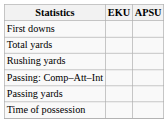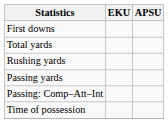 <table class="wikitable" style="float: left;">
 <tr>
 <th>Statistics</th>
 <th>EKU</th>
 <th>APSU</th>
 </tr>
 <tr>
 <td>First downs</td>
 <td></td>
 <td></td>
 </tr>
 <tr>
 <td>Total yards</td>
 <td></td>
 <td></td>
 </tr>
 <tr>
 <td>Rushing yards</td>
 <td></td>
 <td></td>
 </tr>
 <tr>
-<td>Passing: Comp–Att–Int</td>
+<td>Passing yards</td>
 <td></td>
 <td></td>
 </tr>
 <tr>
-<td>Passing yards</td>
+<td>Passing: Comp–Att–Int</td>
 <td></td>
 <td></td>
 </tr>
 <tr>
 <td>Time of possession</td>
 <td></td>
 <td></td>
 </tr>
 <tr>
 </tr>
 </table>
